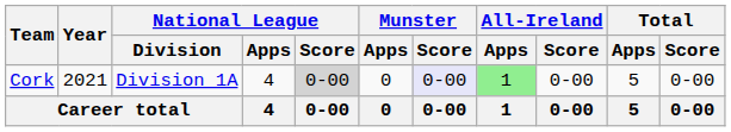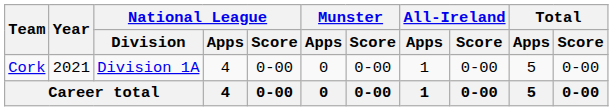 <table class="wikitable" style="text-align:center">
 <tr>
 <th rowspan="2">Team</th>
 <th rowspan="2">Year</th>
 <th colspan="3"><a href='#'>National League</a></th>
 <th colspan="2"><a href='#'>Munster</a></th>
 <th colspan="2"><a href='#'>All-Ireland</a></th>
 <th colspan="2">Total</th>
 </tr>
 <tr>
 <th>Division</th>
 <th>Apps</th>
 <th>Score</th>
 <th>Apps</th>
 <th>Score</th>
 <th>Apps</th>
 <th>Score</th>
 <th>Apps</th>
 <th>Score</th>
 </tr>
 <tr>
 <td rowspan="1"><a href='#'>Cork</a></td>
 <td>2021</td>
 <td rowspan="1"><a href='#'>Division 1A</a></td>
 <td>4</td>
-<td style="background: lightgrey;">0-00</td>
+<td>0-00</td>
 <td>0</td>
-<td style="background: lavender;">0-00</td>
-<td style="background: lightgreen;">1</td>
+<td>0-00</td>
+<td>1</td>
 <td>0-00</td>
 <td>5</td>
 <td>0-00</td>
 </tr>
 <tr>
 <th colspan="3">Career total</th>
 <th>4</th>
 <th>0-00</th>
 <th>0</th>
 <th>0-00</th>
 <th>1</th>
 <th>0-00</th>
 <th>5</th>
 <th>0-00</th>
 </tr>
 </table>
